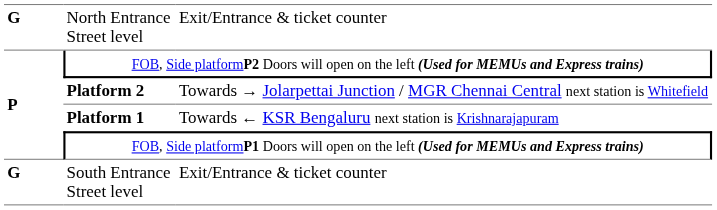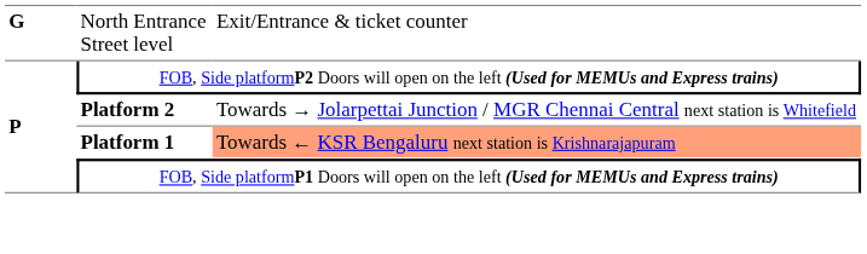 <table border="0" cellspacing="0" cellpadding="3">
 <tr>
 <td width="50" valign="top" style="border-top:solid 1px gray;border-bottom:solid 1px gray;"><strong>G</strong></td>
 <td width="100" valign="top" style="border-top:solid 1px gray;border-bottom:solid 1px gray;">North Entrance Street level</td>
 <td width="390" valign="top" style="border-top:solid 1px gray;border-bottom:solid 1px gray;">Exit/Entrance & ticket counter</td>
 </tr>
 <tr>
 <td rowspan="4" valign="center" width="50" style="border-bottom:solid 1px gray;"><strong>P</strong></td>
 <td colspan="2" style="border-right:solid 2px black;border-left:solid 2px black;border-bottom:solid 2px black;text-align:center;"><a href='#'><small>FOB</small></a><small>, <a href='#'>Side platform</a><strong>P2</strong> Doors will open on the left <strong><em>(Used for MEMUs and Express trains)</em></strong></small></td>
 </tr>
 <tr>
 <td width="100" style="border-bottom:solid 1px gray;"><span><strong>Platform 2</strong></span></td>
 <td width="500" style="border-bottom:solid 1px gray;">Towards → <a href='#'>Jolarpettai Junction</a> / <a href='#'>MGR Chennai Central</a> <small>next station is <a href='#'>Whitefield</a></small></td>
 </tr>
 <tr>
 <td width="100" style="border-bottom:solid 1px white;"><span><strong>Platform 1</strong></span></td>
-<td width="500" style="border-bottom:solid 1px white;">Towards ← <a href='#'>KSR Bengaluru</a> <small>next station is <a href='#'>Krishnarajapuram</a></small></td>
+<td width="500" style="background: lightsalmon; border-bottom:solid 1px white;">Towards ← <a href='#'>KSR Bengaluru</a> <small>next station is <a href='#'>Krishnarajapuram</a></small></td>
 </tr>
 <tr>
 <td colspan="2" align="center" width="100" style="border-top:solid 2px black;border-right:solid 2px black;border-left:solid 2px black;border-bottom:solid 1px gray;"><a href='#'><small>FOB</small></a><small>, <a href='#'>Side platform</a><strong>P1</strong> Doors will open on the left <strong><em>(Used for MEMUs and Express trains)</em></strong></small></td>
 </tr>
-<tr>
-<td valign="top" width="50" style="border-bottom:solid 1px gray;"><strong>G</strong></td>
-<td valign="top" width="50" style="border-bottom:solid 1px gray;">South Entrance Street level</td>
-<td valign="top" width="50" style="border-bottom:solid 1px gray;">Exit/Entrance & ticket counter</td>
-</tr>
 </table>
